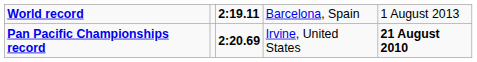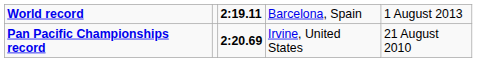 <table class="wikitable">
 <tr>
 <td><strong><a href='#'>World record</a></strong></td>
 <td></td>
 <td><strong>2:19.11</strong></td>
 <td><a href='#'>Barcelona</a>, Spain</td>
 <td>1 August 2013</td>
 </tr>
 <tr>
 <td><strong><a href='#'>Pan Pacific Championships record</a></strong></td>
 <td></td>
 <td><strong>2:20.69</strong></td>
 <td><a href='#'>Irvine</a>, United States</td>
-<td><strong>21 August 2010</strong></td>
+<td>21 August 2010</td>
 </tr>
 </table>
